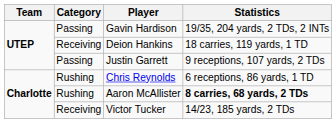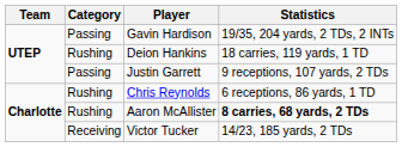 <table class="wikitable" style="float: left;">
 <tr>
 <th>Team</th>
 <th>Category</th>
 <th>Player</th>
 <th>Statistics</th>
 </tr>
 <tr>
 <td rowspan=3><strong>UTEP</strong></td>
 <td>Passing</td>
 <td>Gavin Hardison</td>
 <td>19/35, 204 yards, 2 TDs, 2 INTs</td>
 </tr>
 <tr>
-<td>Receiving</td>
+<td>Rushing</td>
 <td>Deion Hankins</td>
 <td>18 carries, 119 yards, 1 TD</td>
 </tr>
 <tr>
 <td>Passing</td>
 <td>Justin Garrett</td>
 <td>9 receptions, 107 yards, 2 TDs</td>
 </tr>
 <tr>
 <td rowspan=3><strong>Charlotte</strong></td>
 <td>Rushing</td>
 <td><a href='#'>Chris Reynolds</a></td>
 <td>6 receptions, 86 yards, 1 TD</td>
 </tr>
 <tr>
 <td>Rushing</td>
 <td>Aaron McAllister</td>
 <td><strong>8 carries, 68 yards, 2 TDs</strong></td>
 </tr>
 <tr>
 <td>Receiving</td>
 <td>Victor Tucker</td>
 <td>14/23, 185 yards, 2 TDs</td>
 </tr>
 </table>
